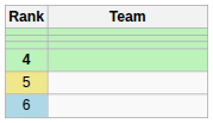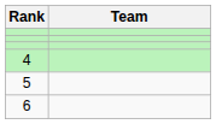 <table class="wikitable">
 <tr>
 <th>Rank</th>
 <th width=170>Team</th>
 </tr>
 <tr bgcolor=#bbf3bb>
 <td align=center></td>
 <td></td>
 </tr>
 <tr bgcolor=#bbf3bb>
 <td align=center></td>
 <td></td>
 </tr>
 <tr bgcolor=#bbf3bb>
 <td align=center></td>
 <td></td>
 </tr>
 <tr bgcolor=#bbf3bb>
-<td align=center><strong>4</strong></td>
+<td align=center>4</td>
 <td></td>
 </tr>
 <tr>
-<td align=center style="background: khaki;">5</td>
+<td align=center>5</td>
 <td></td>
 </tr>
 <tr>
-<td align=center style="background: lightblue;">6</td>
+<td align=center>6</td>
 <td></td>
 </tr>
 </table>
